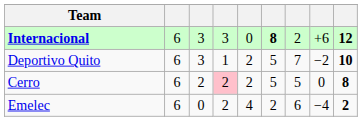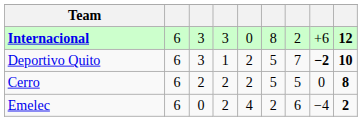 <table class="wikitable" align="left" style="text-align:center">
 <tr>
 </tr>
 <tr>
 <th width="175">Team</th>
 <th width="20"></th>
 <th width="20"></th>
 <th width="20"></th>
 <th width="20"></th>
 <th width="20"></th>
 <th width="20"></th>
 <th width="20"></th>
 <th width="20"></th>
 </tr>
 <tr bgcolor=#ccffcc>
 <td align=left> <strong><a href='#'>Internacional</a></strong></td>
 <td>6</td>
 <td>3</td>
 <td>3</td>
 <td>0</td>
-<td><strong>8</strong></td>
+<td>8</td>
 <td>2</td>
 <td>+6</td>
 <td><strong>12</strong></td>
 </tr>
 <tr>
 <td align=left> <a href='#'>Deportivo Quito</a></td>
 <td>6</td>
 <td>3</td>
 <td>1</td>
 <td>2</td>
 <td>5</td>
 <td>7</td>
-<td>−2</td>
+<td><strong>−2</strong></td>
 <td><strong>10</strong></td>
 </tr>
 <tr>
 <td align=left> <a href='#'>Cerro</a></td>
 <td>6</td>
 <td>2</td>
-<td style="background: pink;">2</td>
+<td>2</td>
 <td>2</td>
 <td>5</td>
 <td>5</td>
 <td>0</td>
 <td><strong>8</strong></td>
 </tr>
 <tr>
 <td align=left> <a href='#'>Emelec</a></td>
 <td>6</td>
 <td>0</td>
 <td>2</td>
 <td>4</td>
 <td>2</td>
 <td>6</td>
 <td>−4</td>
 <td><strong>2</strong></td>
 </tr>
 </table>
